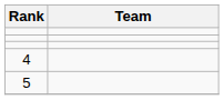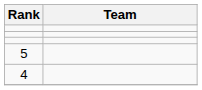 <table class="wikitable" style="text-align:center;">
 <tr>
 <th width=40>Rank</th>
 <th width=180>Team</th>
 </tr>
 <tr>
 <td></td>
 <td align=left></td>
 </tr>
 <tr>
 <td></td>
 <td align=left></td>
 </tr>
 <tr>
 <td></td>
 <td align=left></td>
 </tr>
 <tr>
-<td>4</td>
+<td>5</td>
 <td align=left></td>
 </tr>
 <tr>
-<td>5</td>
+<td>4</td>
 <td align=left></td>
 </tr>
 <tr>
 </tr>
 </table>
